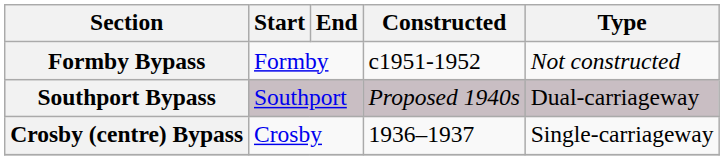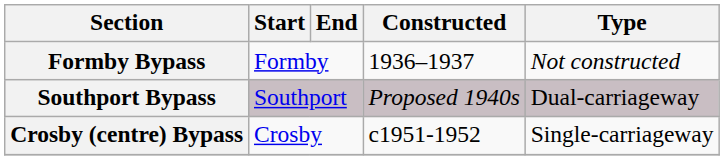 <table class="wikitable">
 <tr>
 <th>Section</th>
 <th>Start</th>
 <th>End</th>
 <th>Constructed</th>
 <th>Type</th>
 </tr>
 <tr>
 <th>Formby Bypass</th>
 <td colspan="2"><a href='#'>Formby</a></td>
-<td>c1951-1952</td>
+<td>1936–1937</td>
 <td><em>Not constructed</em></td>
 </tr>
 <tr style="background: #C9BEC3">
 <th>Southport Bypass</th>
 <td colspan="2"><a href='#'>Southport</a></td>
 <td><em>Proposed 1940s</em></td>
 <td>Dual-carriageway</td>
 </tr>
 <tr>
 <th>Crosby (centre) Bypass</th>
 <td colspan="2"><a href='#'>Crosby</a></td>
-<td>1936–1937</td>
+<td>c1951-1952</td>
 <td>Single-carriageway</td>
 </tr>
 <tr>
 </tr>
 </table>
